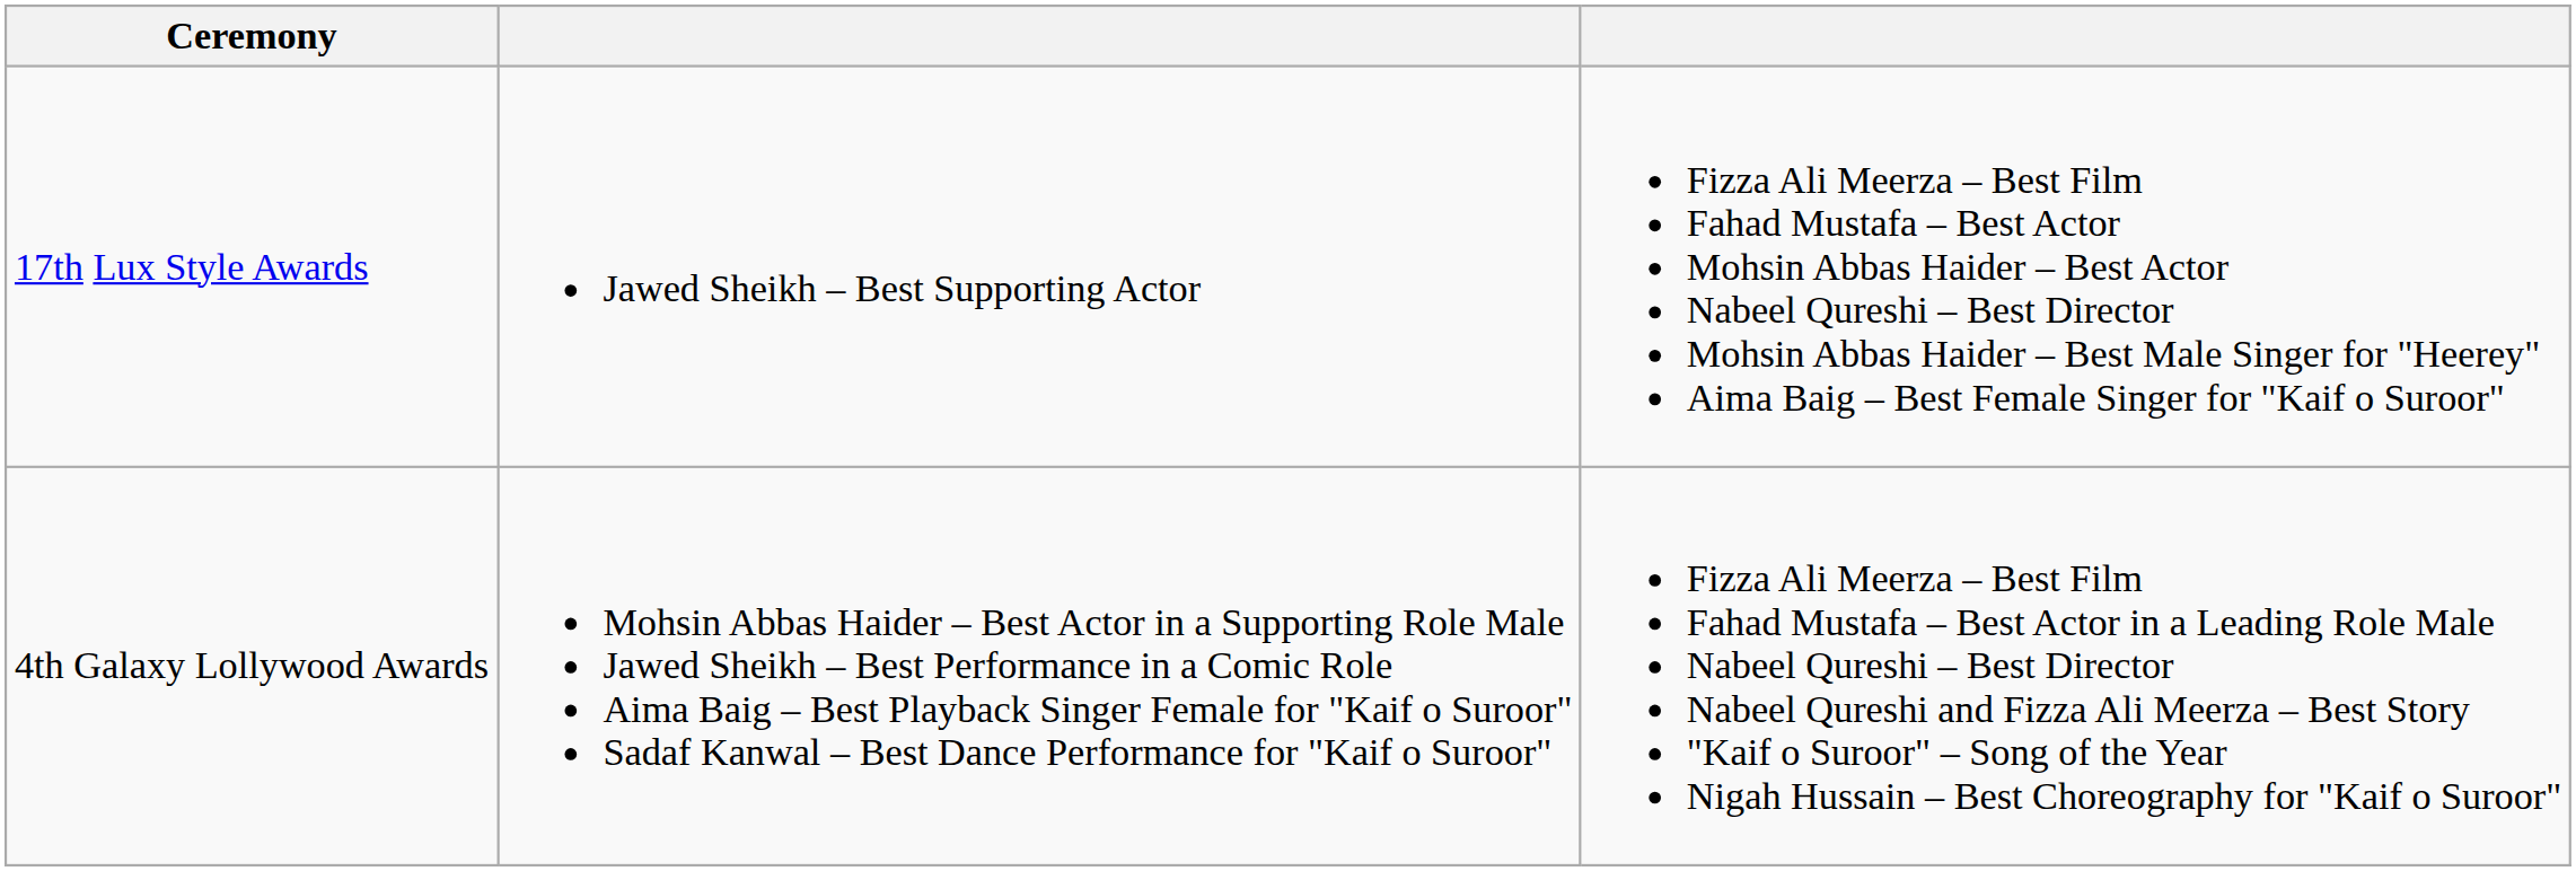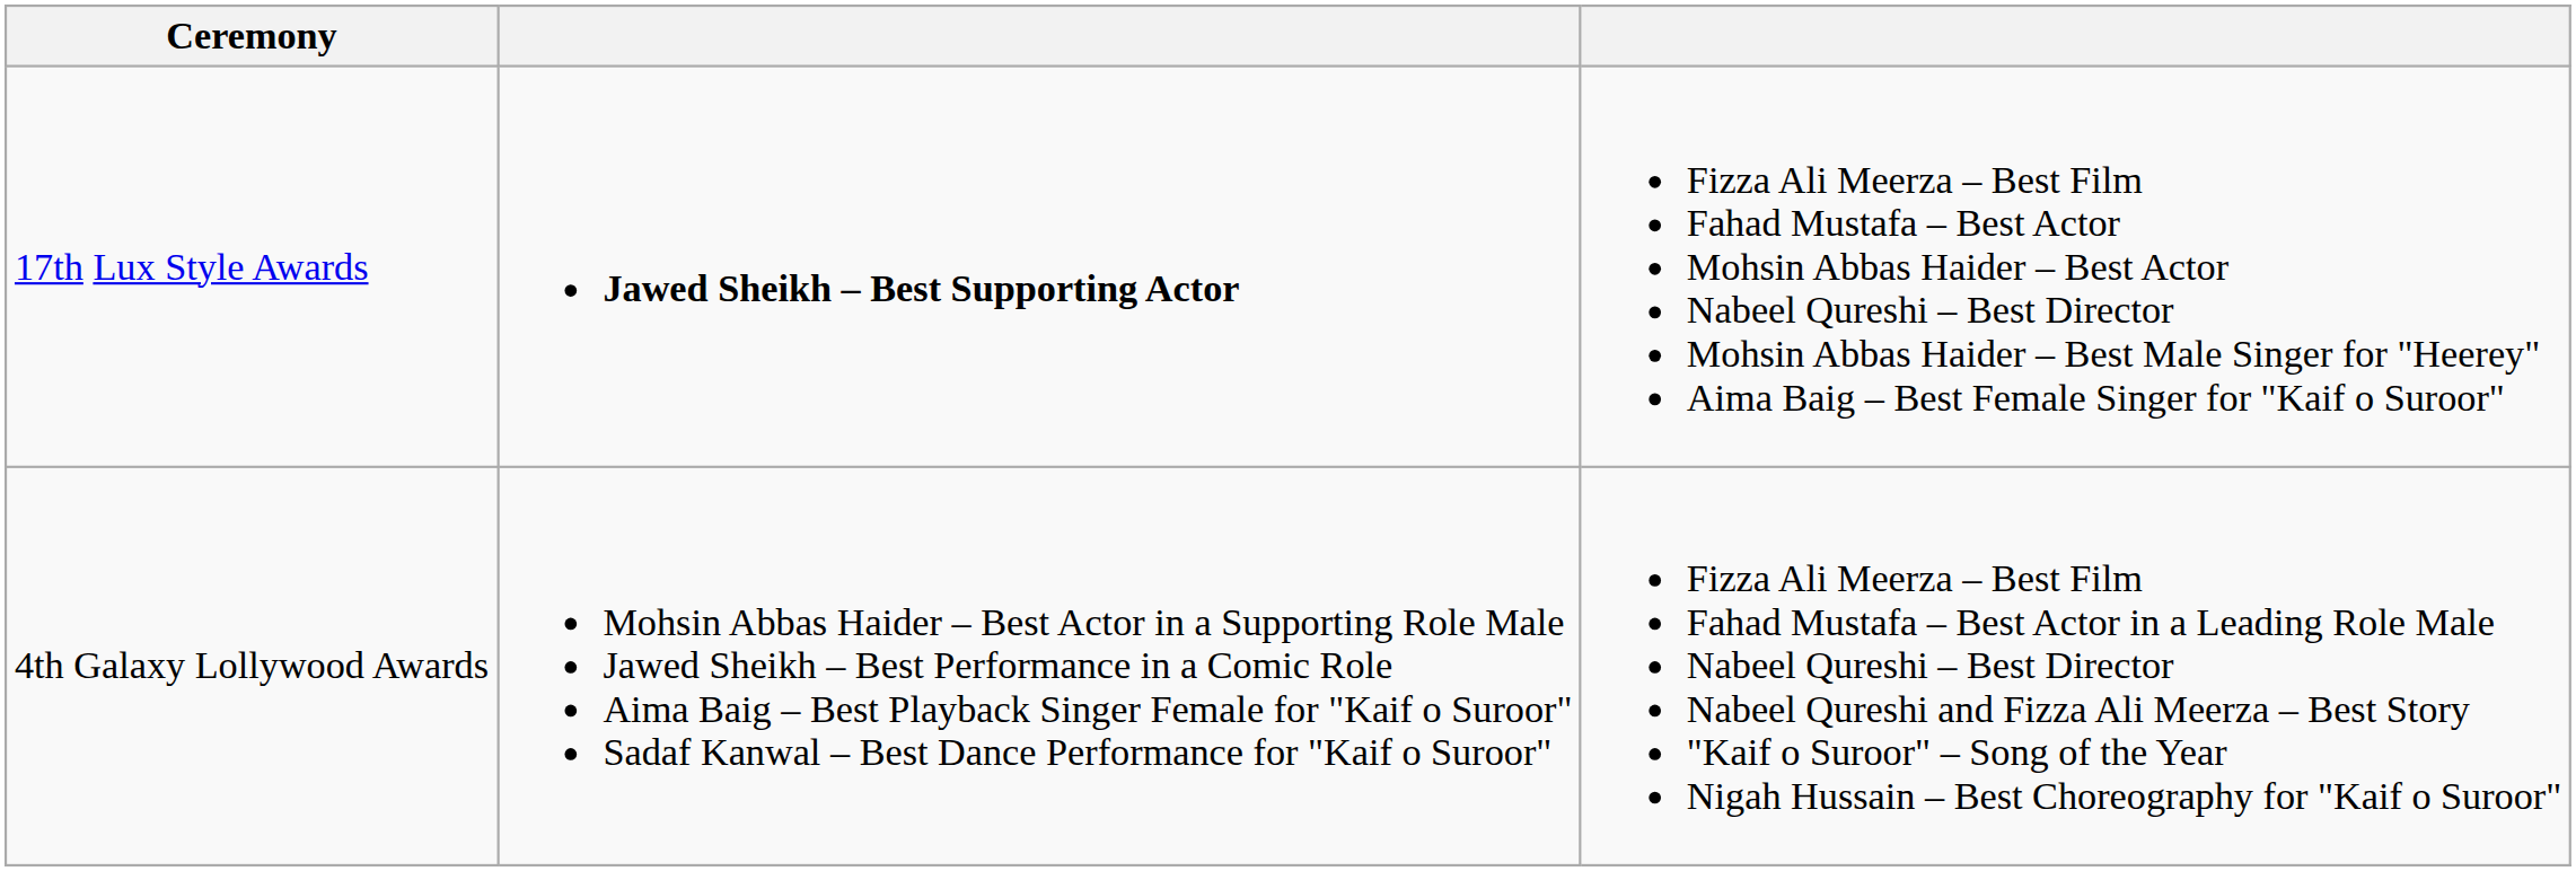 <table class="wikitable">
 <tr>
 <th>Ceremony</th>
 <th></th>
 <th></th>
 </tr>
 <tr>
 <td><a href='#'>17th</a> <a href='#'>Lux Style Awards</a><br></td>
-<td><br><ul><li>Jawed Sheikh – Best Supporting Actor</li></ul></td>
+<td><strong><br><ul><li>Jawed Sheikh – Best Supporting Actor</li></ul></strong></td>
 <td><br><ul><li>Fizza Ali Meerza – Best Film</li><li>Fahad Mustafa – Best Actor</li><li>Mohsin Abbas Haider – Best Actor</li><li>Nabeel Qureshi – Best Director</li><li>Mohsin Abbas Haider – Best Male Singer for "Heerey"</li><li>Aima Baig – Best Female Singer for "Kaif o Suroor"</li></ul></td>
 </tr>
 <tr>
 <td>4th Galaxy Lollywood Awards</td>
 <td><br><ul><li>Mohsin Abbas Haider – Best Actor in a Supporting Role Male</li><li>Jawed Sheikh – Best Performance in a Comic Role</li><li>Aima Baig – Best Playback Singer Female for "Kaif o Suroor"</li><li>Sadaf Kanwal – Best Dance Performance for "Kaif o Suroor"</li></ul></td>
 <td><br><ul><li>Fizza Ali Meerza – Best Film</li><li>Fahad Mustafa – Best Actor in a Leading Role Male</li><li>Nabeel Qureshi – Best Director</li><li>Nabeel Qureshi and Fizza Ali Meerza – Best Story</li><li>"Kaif o Suroor" – Song of the Year</li><li>Nigah Hussain – Best Choreography for "Kaif o Suroor"</li></ul></td>
 </tr>
 </table>
